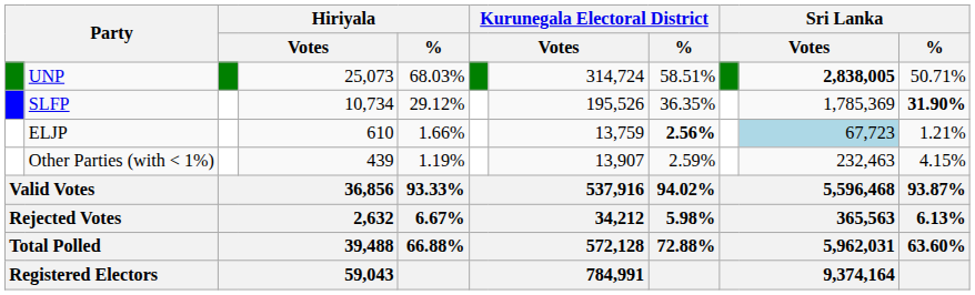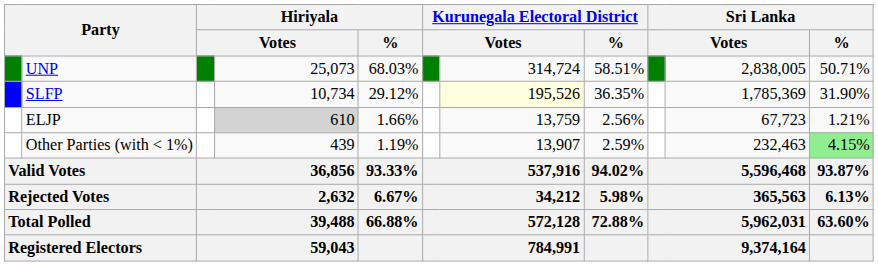 <table class="wikitable">
 <tr>
 <th colspan="2" width="144px"rowspan="2">Party</th>
 <th colspan="3" width="216px">Hiriyala</th>
 <th colspan="3" width="216px"><a href='#'>Kurunegala Electoral District</a></th>
 <th colspan="3" width="216px">Sri Lanka</th>
 </tr>
 <tr>
 <th colspan="2" width="144px">Votes</th>
 <th>%</th>
 <th colspan="2" width="144px">Votes</th>
 <th>%</th>
 <th colspan="2" width="144px">Votes</th>
 <th>%</th>
 </tr>
 <tr>
 <td style="background-color:green;" width="10px"></td>
 <td style="text-align:left;"><a href='#'>UNP</a></td>
 <td style="background-color:green;" width="10px"></td>
 <td style="text-align:right;">25,073</td>
 <td style="text-align:right;">68.03%</td>
 <td style="background-color:green;" width="10px"></td>
 <td style="text-align:right;">314,724</td>
 <td style="text-align:right;">58.51%</td>
 <td style="background-color:green;" width="10px"></td>
-<td style="text-align:right;"><strong>2,838,005</strong></td>
+<td style="text-align:right;">2,838,005</td>
 <td style="text-align:right;">50.71%</td>
 </tr>
 <tr>
 <td style="background-color:blue;" width="10px"></td>
 <td style="text-align:left;"><a href='#'>SLFP</a></td>
 <td style="background-color:white;" width="10px"></td>
 <td style="text-align:right;">10,734</td>
 <td style="text-align:right;">29.12%</td>
 <td style="background-color:white;" width="10px"></td>
-<td style="text-align:right;">195,526</td>
+<td style="background: lightyellow; text-align:right;">195,526</td>
 <td style="text-align:right;">36.35%</td>
 <td style="background-color:white;" width="10px"></td>
 <td style="text-align:right;">1,785,369</td>
-<td style="text-align:right;"><strong>31.90%</strong></td>
+<td style="text-align:right;">31.90%</td>
 </tr>
 <tr>
 <td style="background-color:white;" width="10px"></td>
 <td style="text-align:left;">ELJP</td>
 <td style="background-color:white;" width="10px"></td>
-<td style="text-align:right;">610</td>
+<td style="background: lightgrey; text-align:right;">610</td>
 <td style="text-align:right;">1.66%</td>
 <td style="background-color:white;" width="10px"></td>
 <td style="text-align:right;">13,759</td>
-<td style="text-align:right;"><strong>2.56%</strong></td>
+<td style="text-align:right;">2.56%</td>
 <td style="background-color:white;" width="10px"></td>
-<td style="background: lightblue; text-align:right;">67,723</td>
+<td style="text-align:right;">67,723</td>
 <td style="text-align:right;">1.21%</td>
 </tr>
 <tr>
 <td style="background-color:white;" width="10px"></td>
 <td style="text-align:left;">Other Parties (with < 1%)</td>
 <td style="background-color:white;" width="10px"></td>
 <td style="text-align:right;">439</td>
 <td style="text-align:right;">1.19%</td>
 <td style="background-color:white;" width="10px"></td>
 <td style="text-align:right;">13,907</td>
 <td style="text-align:right;">2.59%</td>
 <td style="background-color:white;" width="10px"></td>
 <td style="text-align:right;">232,463</td>
-<td style="text-align:right;">4.15%</td>
+<td style="background: lightgreen; text-align:right;">4.15%</td>
 </tr>
 <tr>
 <th colspan="2" width="144px"style="text-align:left;">Valid Votes</th>
 <th style="text-align:right;"colspan="2" width="144px">36,856</th>
 <th style="text-align:right;">93.33%</th>
 <th style="text-align:right;"colspan="2" width="144px">537,916</th>
 <th style="text-align:right;">94.02%</th>
 <th style="text-align:right;"colspan="2" width="144px">5,596,468</th>
 <th style="text-align:right;">93.87%</th>
 </tr>
 <tr>
 <th colspan="2" width="144px"style="text-align:left;">Rejected Votes</th>
 <th style="text-align:right;"colspan="2" width="144px">2,632</th>
 <th style="text-align:right;">6.67%</th>
 <th style="text-align:right;"colspan="2" width="144px">34,212</th>
 <th style="text-align:right;">5.98%</th>
 <th style="text-align:right;"colspan="2" width="144px">365,563</th>
 <th style="text-align:right;">6.13%</th>
 </tr>
 <tr>
 <th colspan="2" width="144px"style="text-align:left;">Total Polled</th>
 <th style="text-align:right;"colspan="2" width="144px">39,488</th>
 <th style="text-align:right;">66.88%</th>
 <th style="text-align:right;"colspan="2" width="144px">572,128</th>
 <th style="text-align:right;">72.88%</th>
 <th style="text-align:right;"colspan="2" width="144px">5,962,031</th>
 <th style="text-align:right;">63.60%</th>
 </tr>
 <tr>
 <th colspan="2" width="144px"style="text-align:left;">Registered Electors</th>
 <th style="text-align:right;"colspan="2" width="144px">59,043</th>
 <th></th>
 <th style="text-align:right;"colspan="2" width="144px">784,991</th>
 <th></th>
 <th style="text-align:right;"colspan="2" width="144px">9,374,164</th>
 <th></th>
 </tr>
 </table>
